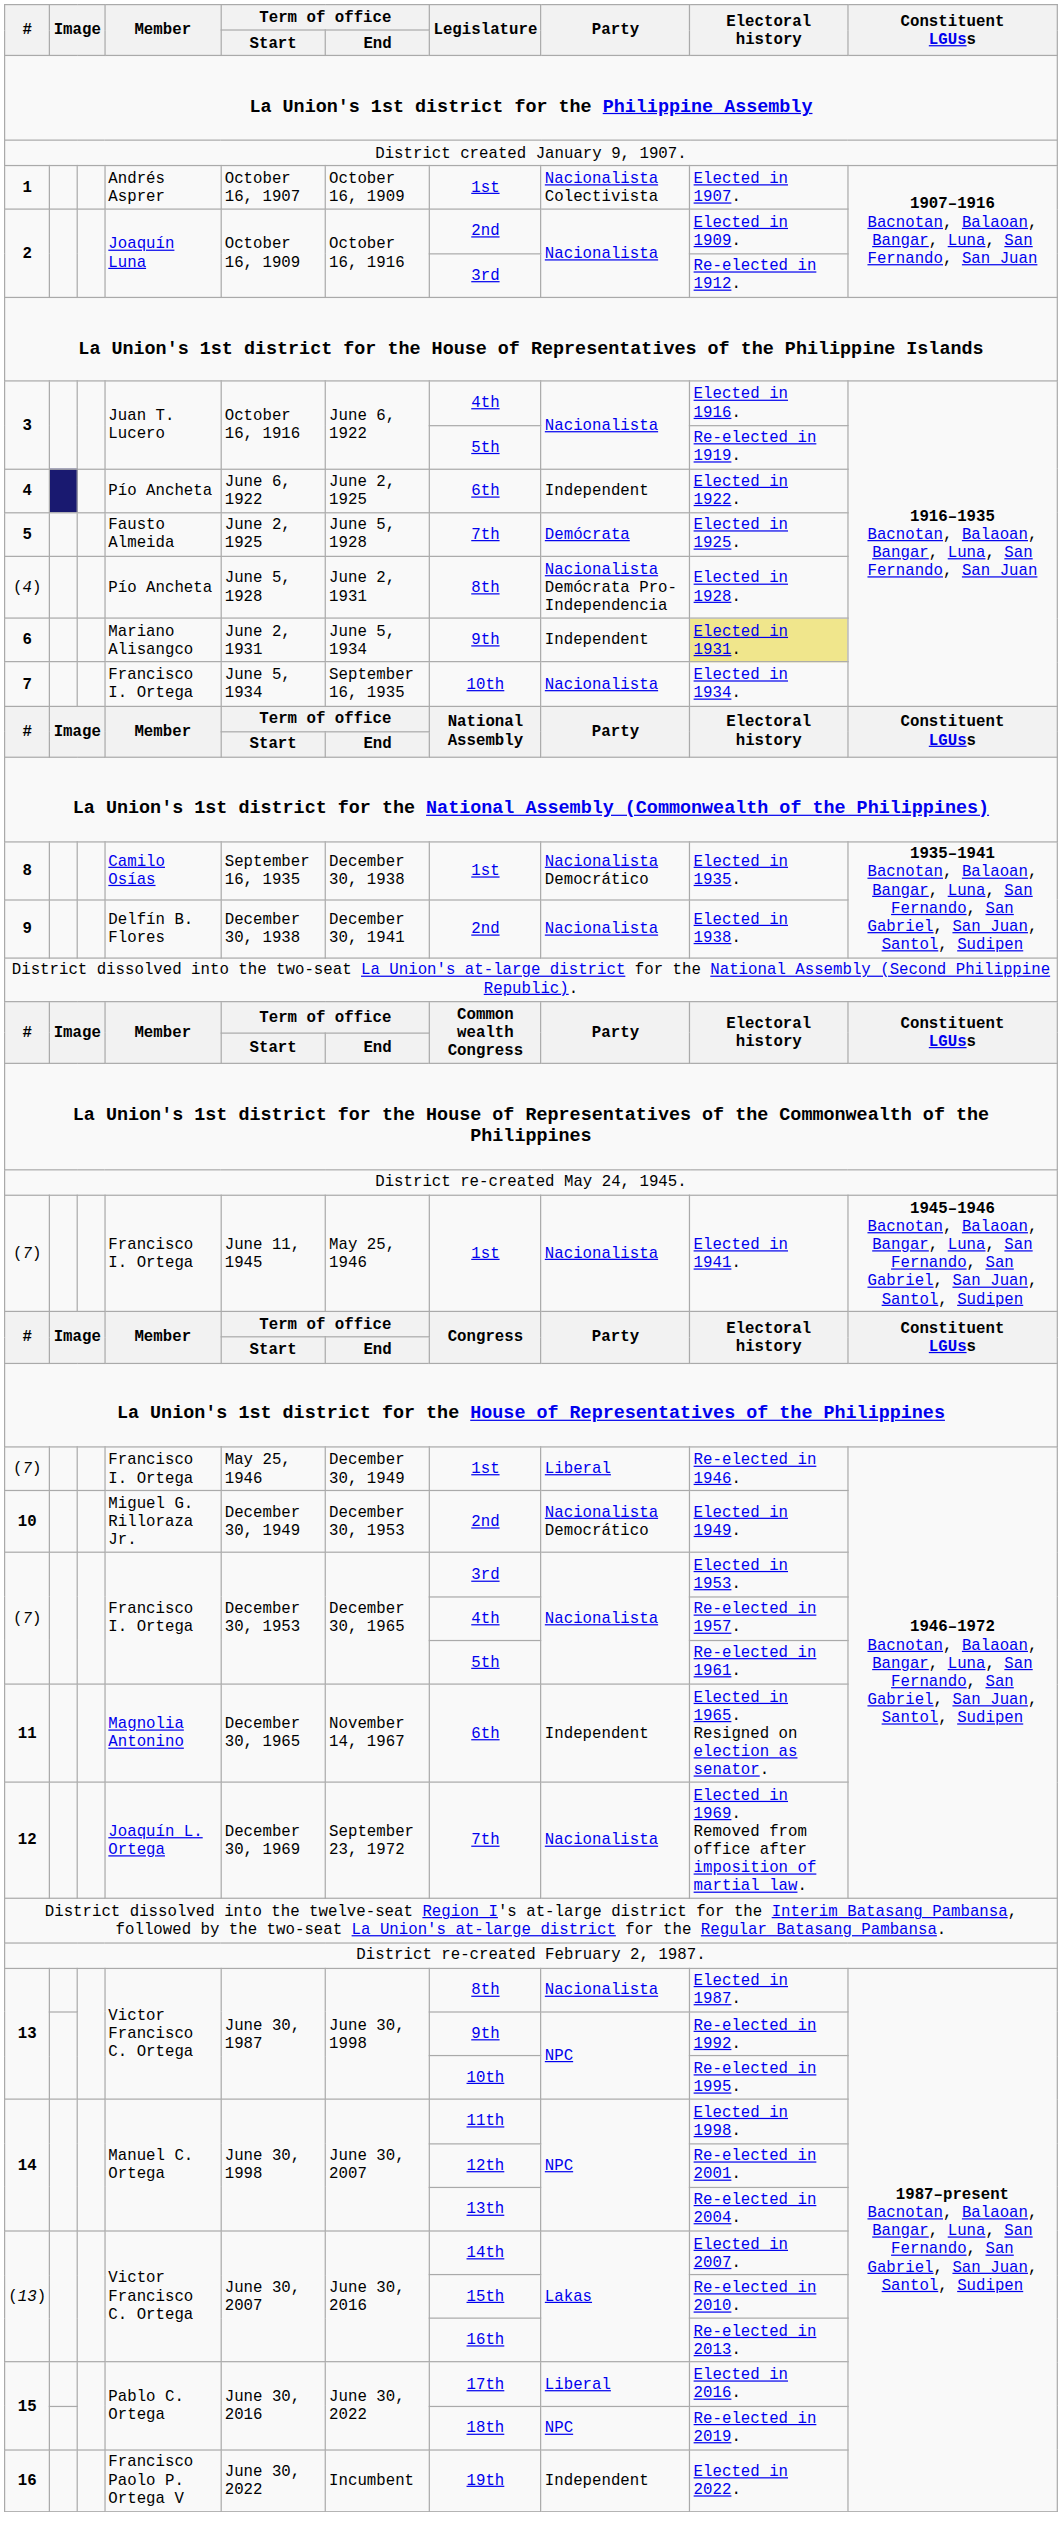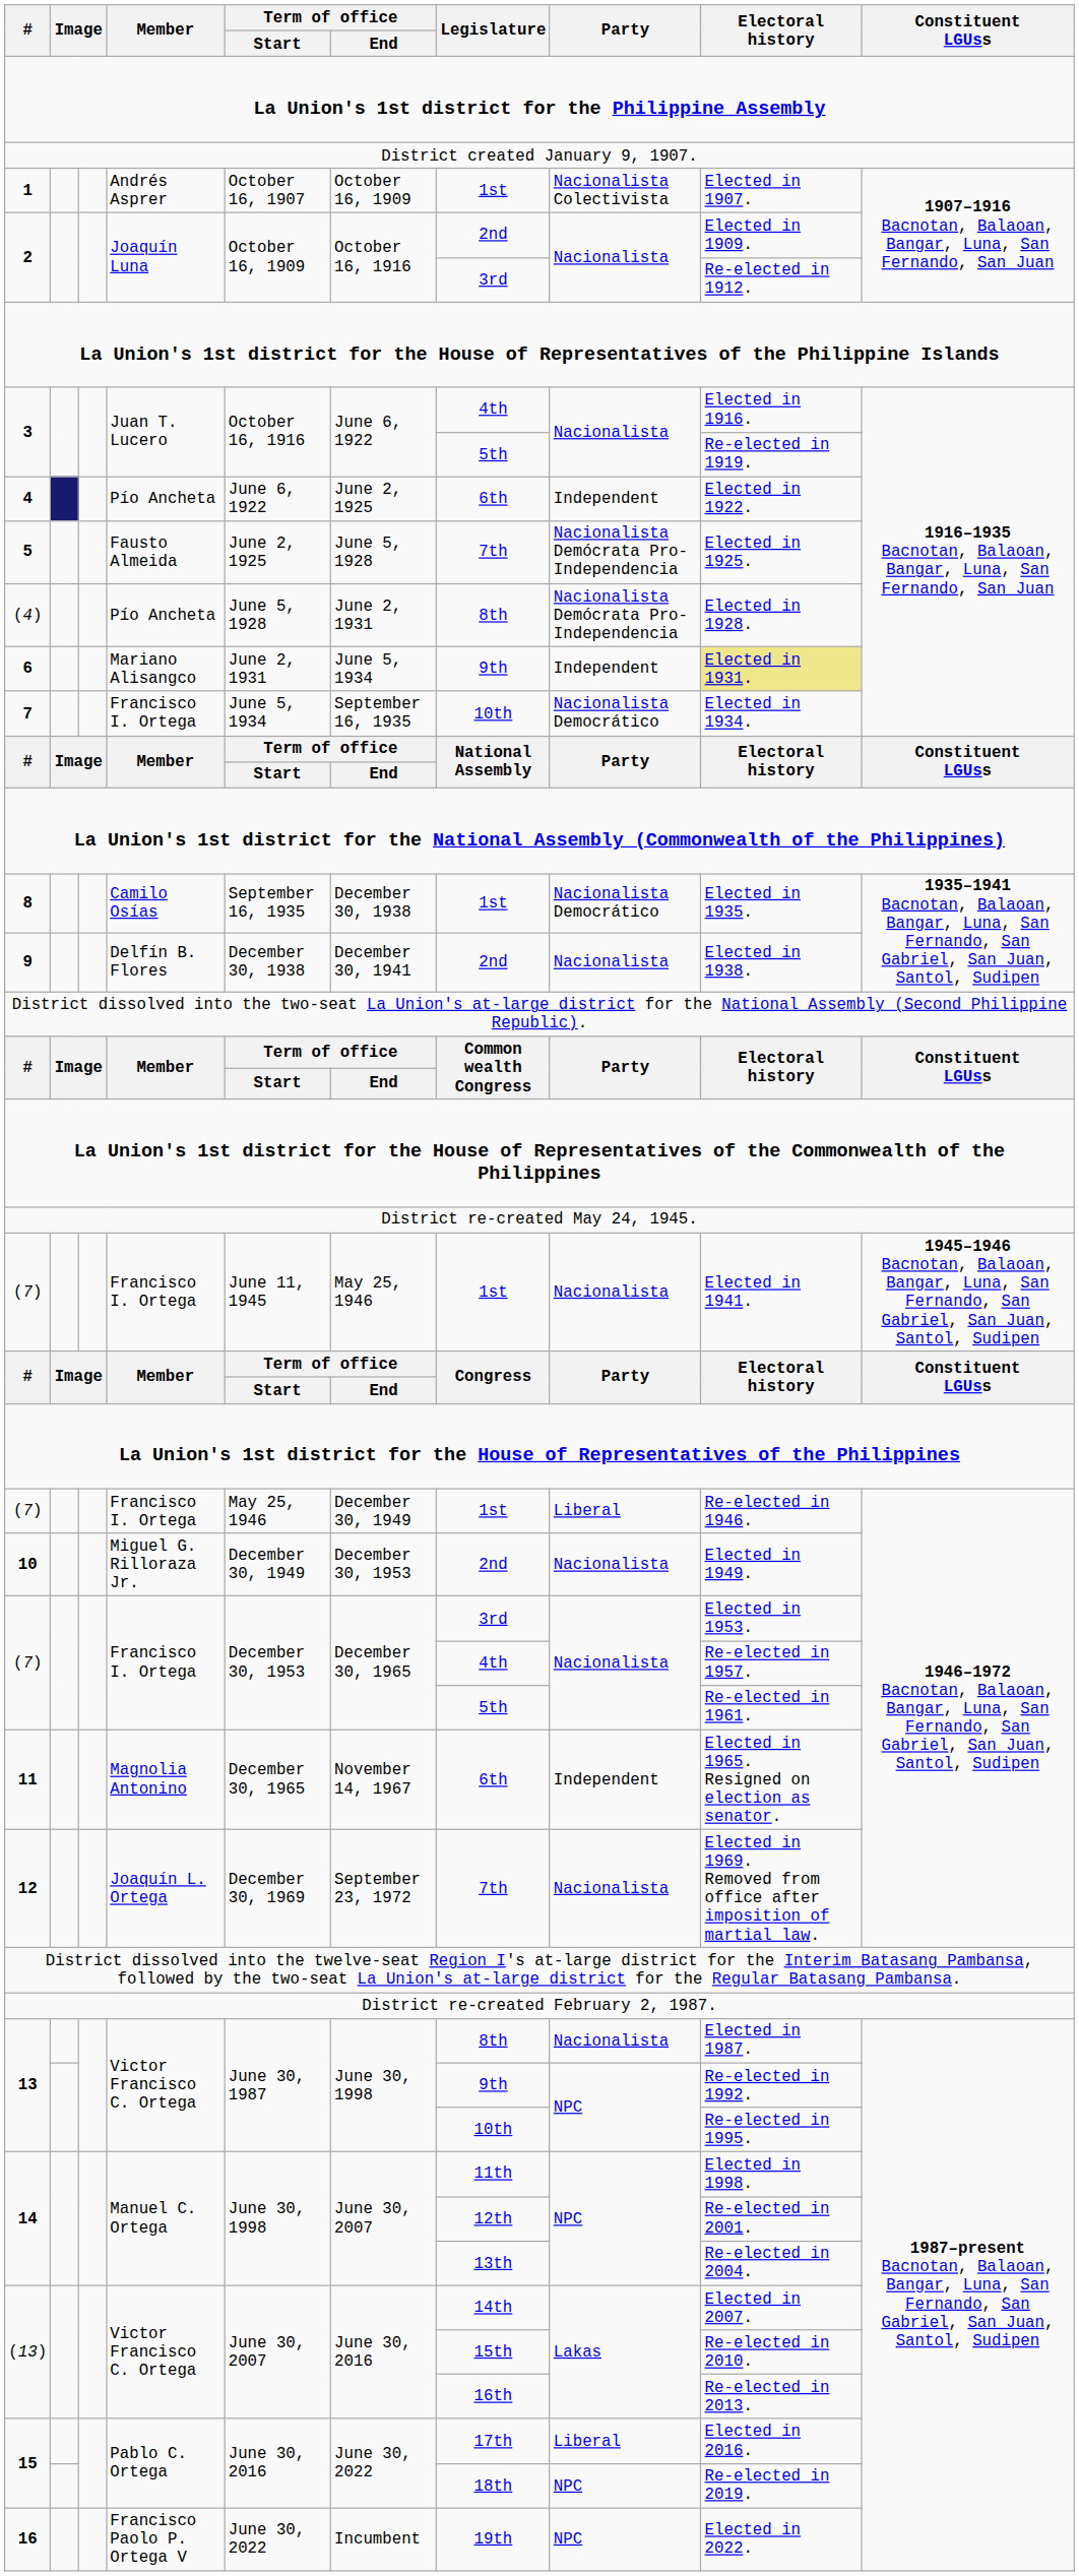 <table class=wikitable>
 <tr>
 <th rowspan="2">#</th>
 <th rowspan="2" colspan=2>Image</th>
 <th rowspan="2">Member</th>
 <th colspan=2>Term of office</th>
 <th rowspan="2">Legislature</th>
 <th rowspan="2">Party</th>
 <th rowspan="2">Electoral history</th>
 <th rowspan="2">Constituent<br><a href='#'>LGUs</a>s</th>
 </tr>
 <tr>
 <th>Start</th>
 <th>End</th>
 </tr>
 <tr>
 <td colspan="10" style="text-align:center;"><br><h3>La Union's 1st district for the <a href='#'>Philippine Assembly</a></h3></td>
 </tr>
 <tr>
 <td colspan="10" style="text-align:center;">District created January 9, 1907.</td>
 </tr>
 <tr>
 <td style="text-align:center;"><strong>1</strong></td>
 <td style="color:inherit;background:"></td>
 <td></td>
 <td>Andrés Asprer</td>
 <td>October 16, 1907</td>
 <td>October 16, 1909</td>
 <td style="text-align:center;"><a href='#'>1st</a></td>
 <td><a href='#'>Nacionalista</a><br>Colectivista</td>
 <td><a href='#'>Elected in 1907</a>.</td>
 <td rowspan="3" style="text-align:center;"><strong>1907–1916</strong><br><a href='#'>Bacnotan</a>, <a href='#'>Balaoan</a>, <a href='#'>Bangar</a>, <a href='#'>Luna</a>, <a href='#'>San Fernando</a>, <a href='#'>San Juan</a></td>
 </tr>
 <tr>
 <td rowspan="2" style="text-align:center;"><strong>2</strong></td>
 <td rowspan="2" style="color:inherit;background:"></td>
 <td rowspan="2"></td>
 <td rowspan="2"><a href='#'>Joaquín Luna</a></td>
 <td rowspan="2">October 16, 1909</td>
 <td rowspan="2">October 16, 1916</td>
 <td style="text-align:center;"><a href='#'>2nd</a></td>
 <td rowspan="2"><a href='#'>Nacionalista</a></td>
 <td><a href='#'>Elected in 1909</a>.</td>
 </tr>
 <tr>
 <td style="text-align:center;"><a href='#'>3rd</a></td>
 <td><a href='#'>Re-elected in 1912</a>.</td>
 </tr>
 <tr>
 <td colspan="10" style="text-align:center;"><br><h3>La Union's 1st district for the House of Representatives of the Philippine Islands</h3></td>
 </tr>
 <tr>
 <td rowspan="2" style="text-align:center;"><strong>3</strong></td>
 <td rowspan="2" style="color:inherit;background:"></td>
 <td rowspan="2"></td>
 <td rowspan="2">Juan T. Lucero</td>
 <td rowspan="2">October 16, 1916</td>
 <td rowspan="2">June 6, 1922</td>
 <td style="text-align:center;"><a href='#'>4th</a></td>
 <td rowspan="2"><a href='#'>Nacionalista</a></td>
 <td><a href='#'>Elected in 1916</a>.</td>
 <td rowspan="7" style="text-align:center;"><strong>1916–1935</strong><br><a href='#'>Bacnotan</a>, <a href='#'>Balaoan</a>, <a href='#'>Bangar</a>, <a href='#'>Luna</a>, <a href='#'>San Fernando</a>, <a href='#'>San Juan</a></td>
 </tr>
 <tr>
 <td style="text-align:center;"><a href='#'>5th</a></td>
 <td><a href='#'>Re-elected in 1919</a>.</td>
 </tr>
 <tr>
 <td style="text-align:center;"><strong>4</strong></td>
 <td style="background-color:#191970"></td>
 <td></td>
 <td>Pío Ancheta</td>
 <td>June 6, 1922</td>
 <td>June 2, 1925</td>
 <td style="text-align:center;"><a href='#'>6th</a></td>
 <td>Independent</td>
 <td><a href='#'>Elected in 1922</a>.</td>
 </tr>
 <tr>
 <td style="text-align:center;"><strong>5</strong></td>
 <td style="color:inherit;background:"></td>
 <td></td>
 <td>Fausto Almeida</td>
 <td>June 2, 1925</td>
 <td>June 5, 1928</td>
 <td style="text-align:center;"><a href='#'>7th</a></td>
-<td><a href='#'>Demócrata</a></td>
+<td><a href='#'>Nacionalista</a><br>Demócrata Pro-Independencia</td>
 <td><a href='#'>Elected in 1925</a>.</td>
 </tr>
 <tr>
 <td style="text-align:center;">(<em>4</em>)</td>
 <td style="color:inherit;background:"></td>
 <td></td>
 <td>Pío Ancheta</td>
 <td>June 5, 1928</td>
 <td>June 2, 1931</td>
 <td style="text-align:center;"><a href='#'>8th</a></td>
 <td><a href='#'>Nacionalista</a><br>Demócrata Pro-Independencia</td>
 <td><a href='#'>Elected in 1928</a>.</td>
 </tr>
 <tr>
 <td style="text-align:center;"><strong>6</strong></td>
 <td style="color:inherit;background:"></td>
 <td></td>
 <td>Mariano Alisangco</td>
 <td>June 2, 1931</td>
 <td>June 5, 1934</td>
 <td style="text-align:center;"><a href='#'>9th</a></td>
 <td>Independent</td>
 <td style="background: khaki;"><a href='#'>Elected in 1931</a>.</td>
 </tr>
 <tr>
 <td style="text-align:center;"><strong>7</strong></td>
 <td style="color:inherit;background:"></td>
 <td></td>
 <td>Francisco I. Ortega</td>
 <td>June 5, 1934</td>
 <td>September 16, 1935</td>
 <td style="text-align:center;"><a href='#'>10th</a></td>
-<td><a href='#'>Nacionalista</a></td>
+<td><a href='#'>Nacionalista</a><br>Democrático</td>
 <td><a href='#'>Elected in 1934</a>.</td>
 </tr>
 <tr>
 <th rowspan="2">#</th>
 <th rowspan="2" colspan=2>Image</th>
 <th rowspan="2">Member</th>
 <th colspan=2>Term of office</th>
 <th rowspan="2">National<br>Assembly</th>
 <th rowspan="2">Party</th>
 <th rowspan="2">Electoral history</th>
 <th rowspan="2">Constituent<br><a href='#'>LGUs</a>s</th>
 </tr>
 <tr>
 <th>Start</th>
 <th>End</th>
 </tr>
 <tr>
 <td colspan="10" style="text-align:center;"><br><h3>La Union's 1st district for the <a href='#'>National Assembly (Commonwealth of the Philippines)</a></h3></td>
 </tr>
 <tr>
 <td style="text-align:center;"><strong>8</strong></td>
 <td style="color:inherit;background:"></td>
 <td></td>
 <td><a href='#'>Camilo Osías</a></td>
 <td>September 16, 1935</td>
 <td>December 30, 1938</td>
 <td style="text-align:center;"><a href='#'>1st</a></td>
 <td><a href='#'>Nacionalista</a><br>Democrático</td>
 <td><a href='#'>Elected in 1935</a>.</td>
 <td rowspan="2" style="text-align:center;"><strong>1935–1941</strong><br><a href='#'>Bacnotan</a>, <a href='#'>Balaoan</a>, <a href='#'>Bangar</a>, <a href='#'>Luna</a>, <a href='#'>San Fernando</a>, <a href='#'>San Gabriel</a>, <a href='#'>San Juan</a>, <a href='#'>Santol</a>, <a href='#'>Sudipen</a></td>
 </tr>
 <tr>
 <td style="text-align:center;"><strong>9</strong></td>
 <td style="color:inherit;background:"></td>
 <td></td>
 <td>Delfín B. Flores</td>
 <td>December 30, 1938</td>
 <td>December 30, 1941</td>
 <td style="text-align:center;"><a href='#'>2nd</a></td>
 <td><a href='#'>Nacionalista</a></td>
 <td><a href='#'>Elected in 1938</a>.</td>
 </tr>
 <tr>
 <td colspan="10" style="text-align:center;">District dissolved into the two-seat <a href='#'>La Union's at-large district</a> for the <a href='#'>National Assembly (Second Philippine Republic)</a>.</td>
 </tr>
 <tr>
 <th rowspan="2">#</th>
 <th rowspan="2" colspan=2>Image</th>
 <th rowspan="2">Member</th>
 <th colspan=2>Term of office</th>
 <th rowspan="2">Common<br>wealth<br>Congress</th>
 <th rowspan="2">Party</th>
 <th rowspan="2">Electoral history</th>
 <th rowspan="2">Constituent<br><a href='#'>LGUs</a>s</th>
 </tr>
 <tr>
 <th>Start</th>
 <th>End</th>
 </tr>
 <tr>
 <td colspan="10" style="text-align:center;"><br><h3>La Union's 1st district for the House of Representatives of the Commonwealth of the Philippines</h3></td>
 </tr>
 <tr>
 <td colspan="10" style="text-align:center;">District re-created May 24, 1945.</td>
 </tr>
 <tr>
 <td style="text-align:center;">(<em>7</em>)</td>
 <td style="color:inherit;background:"></td>
 <td></td>
 <td>Francisco I. Ortega</td>
 <td>June 11, 1945</td>
 <td>May 25, 1946</td>
 <td style="text-align:center;"><a href='#'>1st</a></td>
 <td><a href='#'>Nacionalista</a></td>
 <td><a href='#'>Elected in 1941</a>.</td>
 <td style="text-align:center;"><strong>1945–1946</strong><br><a href='#'>Bacnotan</a>, <a href='#'>Balaoan</a>, <a href='#'>Bangar</a>, <a href='#'>Luna</a>, <a href='#'>San Fernando</a>, <a href='#'>San Gabriel</a>, <a href='#'>San Juan</a>, <a href='#'>Santol</a>, <a href='#'>Sudipen</a></td>
 </tr>
 <tr>
 <th rowspan="2">#</th>
 <th rowspan="2" colspan=2>Image</th>
 <th rowspan="2">Member</th>
 <th colspan=2>Term of office</th>
 <th rowspan="2">Congress</th>
 <th rowspan="2">Party</th>
 <th rowspan="2">Electoral history</th>
 <th rowspan="2">Constituent<br><a href='#'>LGUs</a>s</th>
 </tr>
 <tr>
 <th>Start</th>
 <th>End</th>
 </tr>
 <tr>
 <td colspan="10" style="text-align:center;"><br><h3>La Union's 1st district for the <a href='#'>House of Representatives of the Philippines</a></h3></td>
 </tr>
 <tr>
 <td style="text-align:center;">(<em>7</em>)</td>
 <td style="color:inherit;background:"></td>
 <td></td>
 <td>Francisco I. Ortega</td>
 <td>May 25, 1946</td>
 <td>December 30, 1949</td>
 <td style="text-align:center;"><a href='#'>1st</a></td>
 <td><a href='#'>Liberal</a></td>
 <td><a href='#'>Re-elected in 1946</a>.</td>
 <td rowspan="7" style="text-align:center;"><strong>1946–1972</strong><br><a href='#'>Bacnotan</a>, <a href='#'>Balaoan</a>, <a href='#'>Bangar</a>, <a href='#'>Luna</a>, <a href='#'>San Fernando</a>, <a href='#'>San Gabriel</a>, <a href='#'>San Juan</a>, <a href='#'>Santol</a>, <a href='#'>Sudipen</a></td>
 </tr>
 <tr>
 <td style="text-align:center;"><strong>10</strong></td>
 <td style="color:inherit;background:"></td>
 <td></td>
 <td>Miguel G. Rilloraza Jr.</td>
 <td>December 30, 1949</td>
 <td>December 30, 1953</td>
 <td style="text-align:center;"><a href='#'>2nd</a></td>
-<td><a href='#'>Nacionalista</a><br>Democrático</td>
+<td><a href='#'>Nacionalista</a></td>
 <td><a href='#'>Elected in 1949</a>.</td>
 </tr>
 <tr>
 <td rowspan="3" style="text-align:center;">(<em>7</em>)</td>
 <td rowspan="3" style="color:inherit;background:"></td>
 <td rowspan="3"></td>
 <td rowspan="3">Francisco I. Ortega</td>
 <td rowspan="3">December 30, 1953</td>
 <td rowspan="3">December 30, 1965</td>
 <td style="text-align:center;"><a href='#'>3rd</a></td>
 <td rowspan="3"><a href='#'>Nacionalista</a></td>
 <td><a href='#'>Elected in 1953</a>.</td>
 </tr>
 <tr>
 <td style="text-align:center;"><a href='#'>4th</a></td>
 <td><a href='#'>Re-elected in 1957</a>.</td>
 </tr>
 <tr>
 <td style="text-align:center;"><a href='#'>5th</a></td>
 <td><a href='#'>Re-elected in 1961</a>.</td>
 </tr>
 <tr>
 <td style="text-align:center;"><strong>11</strong></td>
 <td style="color:inherit;background:"></td>
 <td></td>
 <td><a href='#'>Magnolia Antonino</a></td>
 <td>December 30, 1965</td>
 <td>November 14, 1967</td>
 <td style="text-align:center;"><a href='#'>6th</a></td>
 <td>Independent</td>
 <td><a href='#'>Elected in 1965</a>.<br>Resigned on <a href='#'>election as senator</a>.</td>
 </tr>
 <tr>
 <td style="text-align:center;"><strong>12</strong></td>
 <td style="color:inherit;background:"></td>
 <td></td>
 <td><a href='#'>Joaquín L. Ortega</a></td>
 <td>December 30, 1969</td>
 <td>September 23, 1972</td>
 <td style="text-align:center;"><a href='#'>7th</a></td>
 <td><a href='#'>Nacionalista</a></td>
 <td><a href='#'>Elected in 1969</a>.<br>Removed from office after <a href='#'>imposition of martial law</a>.</td>
 </tr>
 <tr>
 <td colspan="10" style="text-align:center;">District dissolved into the twelve-seat <a href='#'>Region I</a>'s at-large district for the <a href='#'>Interim Batasang Pambansa</a>, followed by the two-seat <a href='#'>La Union's at-large district</a> for the <a href='#'>Regular Batasang Pambansa</a>.</td>
 </tr>
 <tr>
 <td colspan="10" style="text-align:center;">District re-created February 2, 1987.</td>
 </tr>
 <tr>
 <td rowspan="3" style="text-align:center;"><strong>13</strong></td>
 <td style="color:inherit;background:"></td>
 <td rowspan="3"></td>
 <td rowspan="3">Victor Francisco C. Ortega</td>
 <td rowspan="3">June 30, 1987</td>
 <td rowspan="3">June 30, 1998</td>
 <td style="text-align:center;"><a href='#'>8th</a></td>
 <td><a href='#'>Nacionalista</a></td>
 <td><a href='#'>Elected in 1987</a>.</td>
 <td rowspan="12" style="text-align:center;"><strong>1987–present</strong><br><a href='#'>Bacnotan</a>, <a href='#'>Balaoan</a>, <a href='#'>Bangar</a>, <a href='#'>Luna</a>, <a href='#'>San Fernando</a>, <a href='#'>San Gabriel</a>, <a href='#'>San Juan</a>, <a href='#'>Santol</a>, <a href='#'>Sudipen</a></td>
 </tr>
 <tr>
 <td rowspan="2" style="color:inherit;background:"></td>
 <td style="text-align:center;"><a href='#'>9th</a></td>
 <td rowspan="2"><a href='#'>NPC</a></td>
 <td><a href='#'>Re-elected in 1992</a>.</td>
 </tr>
 <tr>
 <td style="text-align:center;"><a href='#'>10th</a></td>
 <td><a href='#'>Re-elected in 1995</a>.</td>
 </tr>
 <tr>
 <td rowspan="3" style="text-align:center;"><strong>14</strong></td>
 <td rowspan="3" style="color:inherit;background:"></td>
 <td rowspan="3"></td>
 <td rowspan="3">Manuel C. Ortega</td>
 <td rowspan="3">June 30, 1998</td>
 <td rowspan="3">June 30, 2007</td>
 <td style="text-align:center;"><a href='#'>11th</a></td>
 <td rowspan="3"><a href='#'>NPC</a></td>
 <td><a href='#'>Elected in 1998</a>.</td>
 </tr>
 <tr>
 <td style="text-align:center;"><a href='#'>12th</a></td>
 <td><a href='#'>Re-elected in 2001</a>.</td>
 </tr>
 <tr>
 <td style="text-align:center;"><a href='#'>13th</a></td>
 <td><a href='#'>Re-elected in 2004</a>.</td>
 </tr>
 <tr>
 <td rowspan="3" style="text-align:center;">(<em>13</em>)</td>
 <td rowspan="3" style="color:inherit;background:"></td>
 <td rowspan="3"></td>
 <td rowspan="3">Victor Francisco C. Ortega</td>
 <td rowspan="3">June 30, 2007</td>
 <td rowspan="3">June 30, 2016</td>
 <td style="text-align:center;"><a href='#'>14th</a></td>
 <td rowspan="3"><a href='#'>Lakas</a></td>
 <td><a href='#'>Elected in 2007</a>.</td>
 </tr>
 <tr>
 <td style="text-align:center;"><a href='#'>15th</a></td>
 <td><a href='#'>Re-elected in 2010</a>.</td>
 </tr>
 <tr>
 <td style="text-align:center;"><a href='#'>16th</a></td>
 <td><a href='#'>Re-elected in 2013</a>.</td>
 </tr>
 <tr>
 <td rowspan="2" style="text-align:center;"><strong>15</strong></td>
 <td style="color:inherit;background:"></td>
 <td rowspan="2"></td>
 <td rowspan="2">Pablo C. Ortega</td>
 <td rowspan="2">June 30, 2016</td>
 <td rowspan="2">June 30, 2022</td>
 <td style="text-align:center;"><a href='#'>17th</a></td>
 <td><a href='#'>Liberal</a></td>
 <td><a href='#'>Elected in 2016</a>.</td>
 </tr>
 <tr>
 <td style="color:inherit;background:"></td>
 <td style="text-align:center;"><a href='#'>18th</a></td>
 <td><a href='#'>NPC</a></td>
 <td><a href='#'>Re-elected in 2019</a>.</td>
 </tr>
 <tr>
 <td style="text-align:center;"><strong>16</strong></td>
 <td style="color:inherit;background:"></td>
 <td></td>
 <td>Francisco Paolo P. Ortega V</td>
 <td>June 30, 2022</td>
 <td>Incumbent</td>
 <td style="text-align:center;"><a href='#'>19th</a></td>
-<td>Independent</td>
+<td><a href='#'>NPC</a></td>
 <td><a href='#'>Elected in 2022</a>.</td>
 </tr>
 </table>
